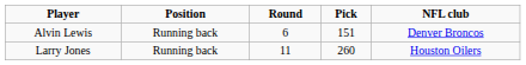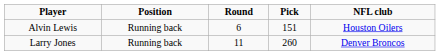 <table class="wikitable" width="80%">
 <tr align="center">
 <td><strong>Player</strong></td>
 <td><strong>Position</strong></td>
 <td><strong>Round</strong></td>
 <td><strong>Pick</strong></td>
 <td><strong>NFL club</strong></td>
 </tr>
 <tr align="center" bgcolor="">
 <td>Alvin Lewis</td>
 <td>Running back</td>
 <td>6</td>
 <td>151</td>
-<td><a href='#'>Denver Broncos</a></td>
+<td><a href='#'>Houston Oilers</a></td>
 </tr>
 <tr align="center" bgcolor="">
 <td>Larry Jones</td>
 <td>Running back</td>
 <td>11</td>
 <td>260</td>
-<td><a href='#'>Houston Oilers</a></td>
+<td><a href='#'>Denver Broncos</a></td>
 </tr>
 </table>
